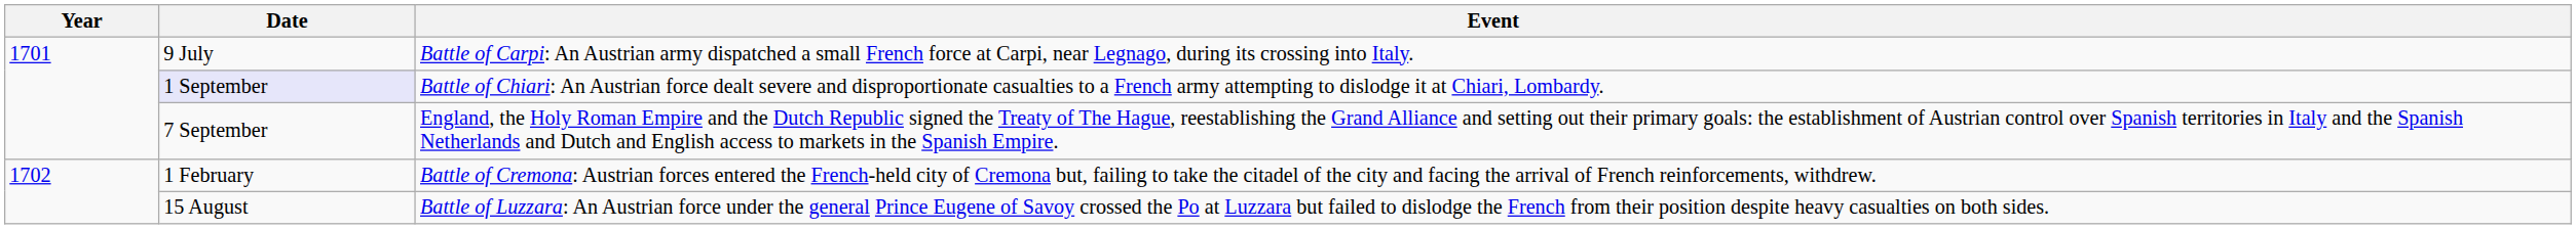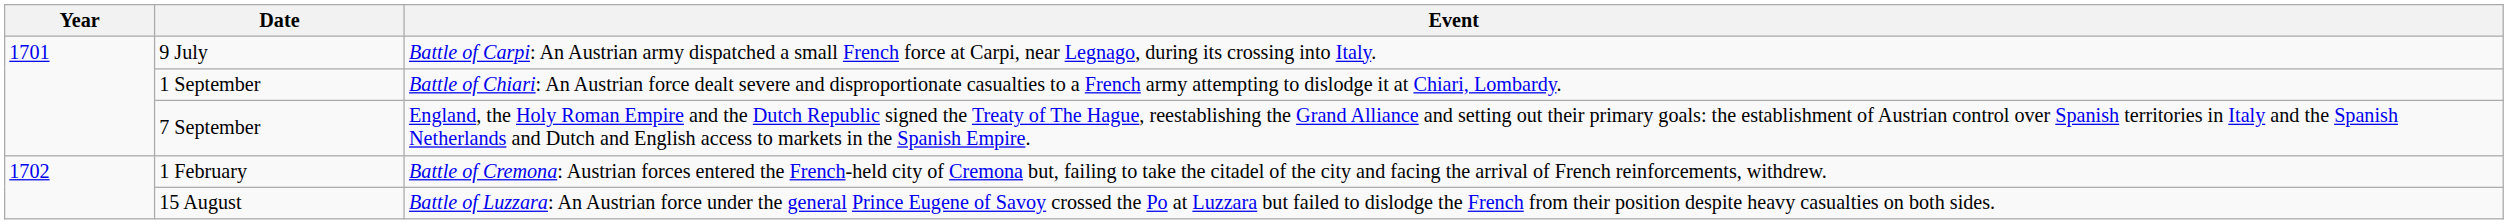 <table class="wikitable" width="100%">
 <tr>
 <th style="width: 6%;">Year</th>
 <th style="width: 10%;">Date</th>
 <th>Event</th>
 </tr>
 <tr>
 <td rowspan="3" valign="top"><a href='#'>1701</a></td>
 <td>9 July</td>
 <td><em><a href='#'>Battle of Carpi</a></em>: An Austrian army dispatched a small <a href='#'>French</a> force at Carpi, near <a href='#'>Legnago</a>, during its crossing into <a href='#'>Italy</a>.</td>
 </tr>
 <tr>
-<td style="background: lavender;">1 September</td>
+<td>1 September</td>
 <td><em><a href='#'>Battle of Chiari</a></em>: An Austrian force dealt severe and disproportionate casualties to a <a href='#'>French</a> army attempting to dislodge it at <a href='#'>Chiari, Lombardy</a>.</td>
 </tr>
 <tr>
 <td>7 September</td>
 <td><a href='#'>England</a>, the <a href='#'>Holy Roman Empire</a> and the <a href='#'>Dutch Republic</a> signed the <a href='#'>Treaty of The Hague</a>, reestablishing the <a href='#'>Grand Alliance</a> and setting out their primary goals: the establishment of Austrian control over <a href='#'>Spanish</a> territories in <a href='#'>Italy</a> and the <a href='#'>Spanish Netherlands</a> and Dutch and English access to markets in the <a href='#'>Spanish Empire</a>.</td>
 </tr>
 <tr>
 <td rowspan="2" valign="top"><a href='#'>1702</a></td>
 <td>1 February</td>
 <td><em><a href='#'>Battle of Cremona</a></em>: Austrian forces entered the <a href='#'>French</a>-held city of <a href='#'>Cremona</a> but, failing to take the citadel of the city and facing the arrival of French reinforcements, withdrew.</td>
 </tr>
 <tr>
 <td>15 August</td>
 <td><em><a href='#'>Battle of Luzzara</a></em>: An Austrian force under the <a href='#'>general</a> <a href='#'>Prince Eugene of Savoy</a> crossed the <a href='#'>Po</a> at <a href='#'>Luzzara</a> but failed to dislodge the <a href='#'>French</a> from their position despite heavy casualties on both sides.</td>
 </tr>
 </table>
